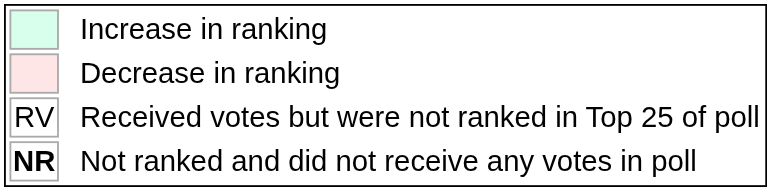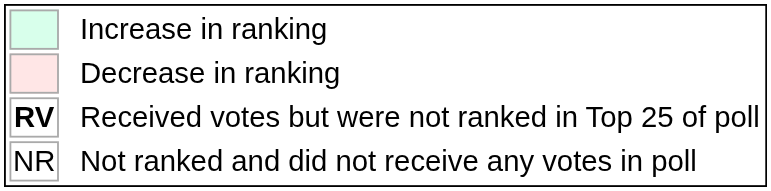 <table style="border:1px solid black;" align=right>
 <tr>
 <td style="background:#D8FFEB; width:20px; border:1px solid #aaaaaa;"> </td>
 <td rowspan=5> </td>
 <td>Increase in ranking</td>
 </tr>
 <tr>
 <td style="background:#FFE6E6; width:20px; border:1px solid #aaaaaa;"> </td>
 <td>Decrease in ranking</td>
 </tr>
 <tr>
-<td align=center style="width:20px; border:1px solid #aaaaaa; background:white;">RV</td>
+<td align=center style="width:20px; border:1px solid #aaaaaa; background:white;"><strong>RV</strong></td>
 <td>Received votes but were not ranked in Top 25 of poll</td>
 </tr>
 <tr>
-<td align=center style="width:20px; border:1px solid #aaaaaa; background:white;"><strong>NR</strong></td>
+<td align=center style="width:20px; border:1px solid #aaaaaa; background:white;">NR</td>
 <td>Not ranked and did not receive any votes in poll</td>
 </tr>
 </table>
